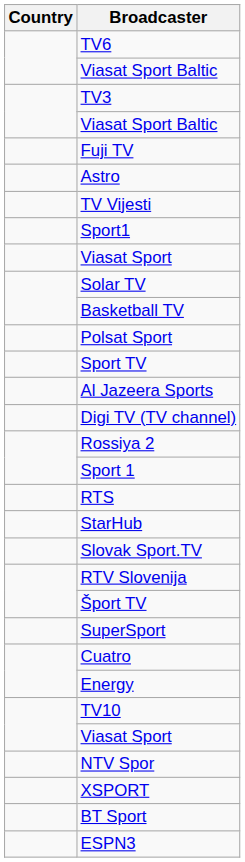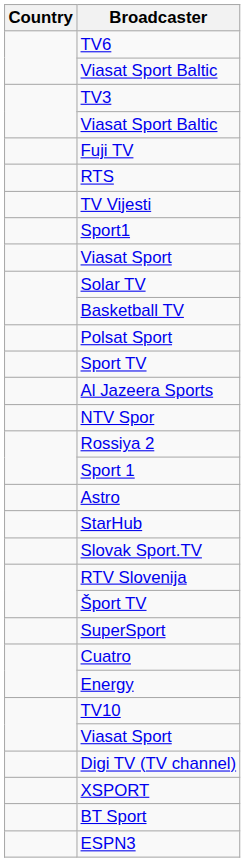 <table class="wikitable">
 <tr>
 <th align=center>Country</th>
 <th align=center>Broadcaster</th>
 </tr>
 <tr>
 <td style="text-align:left;" rowspan="2"></td>
 <td><a href='#'>TV6</a></td>
 </tr>
 <tr>
 <td><a href='#'>Viasat Sport Baltic</a></td>
 </tr>
 <tr>
 <td style="text-align:left;" rowspan="2"></td>
 <td><a href='#'>TV3</a></td>
 </tr>
 <tr>
 <td><a href='#'>Viasat Sport Baltic</a></td>
 </tr>
 <tr>
 <td align=left></td>
 <td><a href='#'>Fuji TV</a></td>
 </tr>
 <tr>
 <td align=left></td>
-<td><a href='#'>Astro</a></td>
+<td><a href='#'>RTS</a></td>
 </tr>
 <tr>
 <td align=left></td>
 <td><a href='#'>TV Vijesti</a></td>
 </tr>
 <tr>
 <td align=left></td>
 <td><a href='#'>Sport1</a></td>
 </tr>
 <tr>
 <td align=left></td>
 <td><a href='#'>Viasat Sport</a></td>
 </tr>
 <tr>
 <td style="text-align:left;" rowspan="2"></td>
 <td><a href='#'>Solar TV</a></td>
 </tr>
 <tr>
 <td><a href='#'>Basketball TV</a></td>
 </tr>
 <tr>
 <td align=left></td>
 <td><a href='#'>Polsat Sport</a></td>
 </tr>
 <tr>
 <td align=left></td>
 <td><a href='#'>Sport TV</a></td>
 </tr>
 <tr>
 <td align=left></td>
 <td><a href='#'>Al Jazeera Sports</a></td>
 </tr>
 <tr>
 <td align=left></td>
-<td><a href='#'>Digi TV (TV channel)</a></td>
+<td><a href='#'>NTV Spor</a></td>
 </tr>
 <tr>
 <td style="text-align:left;" rowspan="2"></td>
 <td><a href='#'>Rossiya 2</a></td>
 </tr>
 <tr>
 <td><a href='#'>Sport 1</a></td>
 </tr>
 <tr>
 <td align=left></td>
-<td><a href='#'>RTS</a></td>
+<td><a href='#'>Astro</a></td>
 </tr>
 <tr>
 <td align=left></td>
 <td><a href='#'>StarHub</a></td>
 </tr>
 <tr>
 <td align=left></td>
 <td><a href='#'>Slovak Sport.TV</a></td>
 </tr>
 <tr>
 <td style="text-align:left;" rowspan="2"></td>
 <td><a href='#'>RTV Slovenija</a></td>
 </tr>
 <tr>
 <td><a href='#'>Šport TV</a></td>
 </tr>
 <tr>
 <td align=left></td>
 <td><a href='#'>SuperSport</a></td>
 </tr>
 <tr>
 <td style="text-align:left;" rowspan="2"></td>
 <td><a href='#'>Cuatro</a></td>
 </tr>
 <tr>
 <td><a href='#'>Energy</a></td>
 </tr>
 <tr>
 <td style="text-align:left;" rowspan="2"></td>
 <td><a href='#'>TV10</a></td>
 </tr>
 <tr>
 <td><a href='#'>Viasat Sport</a></td>
 </tr>
 <tr>
 <td align=left></td>
-<td><a href='#'>NTV Spor</a></td>
+<td><a href='#'>Digi TV (TV channel)</a></td>
 </tr>
 <tr>
 <td align=left></td>
 <td><a href='#'>XSPORT</a></td>
 </tr>
 <tr>
 <td align=left></td>
 <td><a href='#'>BT Sport</a></td>
 </tr>
 <tr>
 <td align=left></td>
 <td><a href='#'>ESPN3</a></td>
 </tr>
 </table>
